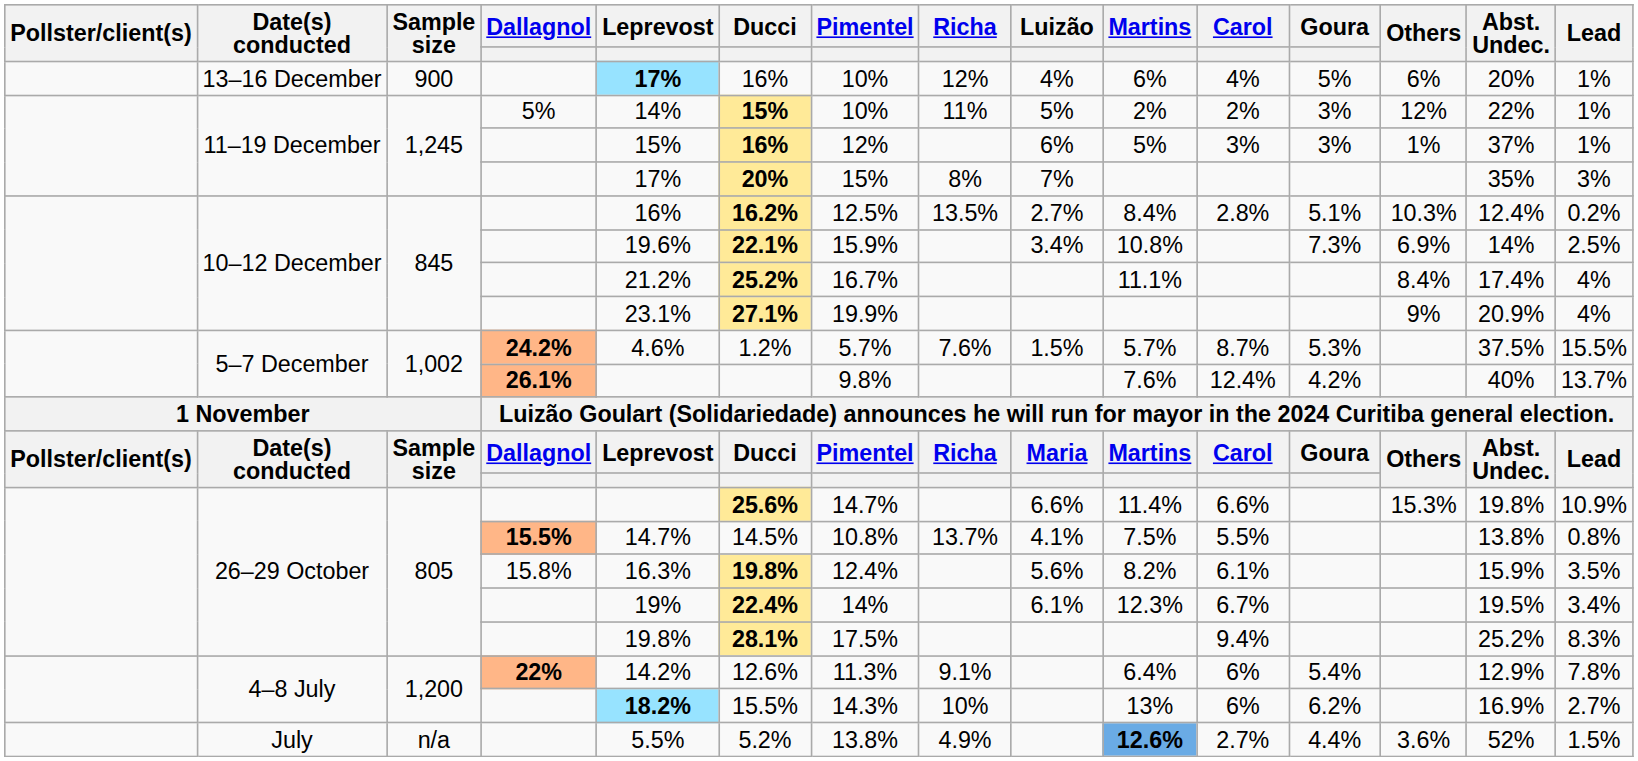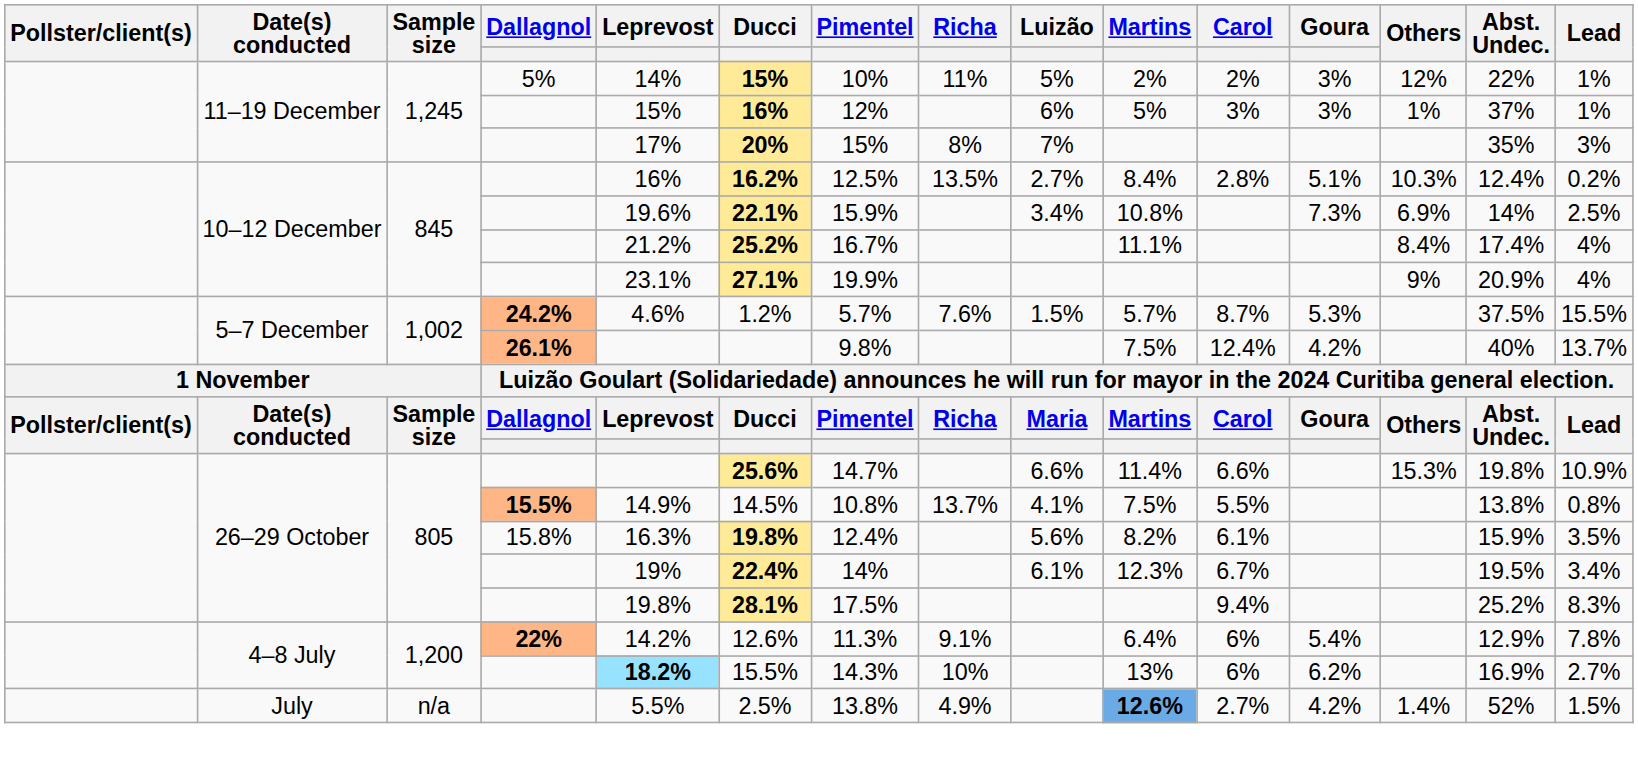 <table class="wikitable" style="text-align:center;font-size:90%;line-height:14px;">
 <tr>
 <th rowspan="2">Pollster/client(s)</th>
 <th rowspan="2">Date(s)<br>conducted</th>
 <th rowspan="2">Sample<br>size</th>
 <th class="unsortable" style="width:50px;"><a href='#'>Dallagnol</a><br></th>
 <th class="unsortable" style="width:50px;">Leprevost<br></th>
 <th class="unsortable" style="width:50px;">Ducci<br></th>
 <th class="unsortable" style="width:50px;"><a href='#'>Pimentel</a><br></th>
 <th class="unsortable" style="width:50px;"><a href='#'>Richa</a><br></th>
 <th class="unsortable" style="width:50px;">Luizão<br></th>
 <th class="unsortable" style="width:50px;"><a href='#'>Martins</a><br></th>
 <th class="unsortable" style="width:50px;"><a href='#'>Carol</a><br></th>
 <th class="unsortable" style="width:50px;">Goura<br></th>
 <th rowspan="2">Others</th>
 <th rowspan="2">Abst.<br>Undec.</th>
 <th rowspan="2">Lead</th>
 </tr>
 <tr>
 <th data-sort-type="number" class="sortable" style="background:"></th>
 <th data-sort-type="number" class="sortable" style="background:"></th>
 <th data-sort-type="number" class="sortable" style="background:"></th>
 <th data-sort-type="number" class="sortable" style="background:"></th>
 <th data-sort-type="number" class="sortable" style="background:"></th>
 <th data-sort-type="number" class="sortable" style="background:"></th>
 <th data-sort-type="number" class="sortable" style="background:"></th>
 <th data-sort-type="number" class="sortable" style="background:"></th>
 <th data-sort-type="number" class="sortable" style="background:"></th>
-</tr>
-<tr>
-<td></td>
-<td>13–16 December</td>
-<td>900</td>
-<td></td>
-<td style="background:#97e3ff;"><strong>17%</strong></td>
-<td>16%</td>
-<td>10%</td>
-<td>12%</td>
-<td>4%</td>
-<td>6%</td>
-<td>4%</td>
-<td>5%</td>
-<td>6%</td>
-<td>20%</td>
-<td style="background:">1%</td>
 </tr>
 <tr>
 <td rowspan="3"></td>
 <td rowspan="3">11–19 December</td>
 <td rowspan="3">1,245</td>
 <td>5%</td>
 <td>14%</td>
 <td style="background:#ffea98;"><strong>15%</strong></td>
 <td>10%</td>
 <td>11%</td>
 <td>5%</td>
 <td>2%</td>
 <td>2%</td>
 <td>3%</td>
 <td>12%</td>
 <td>22%</td>
 <td style="background:">1%</td>
 </tr>
 <tr>
 <td></td>
 <td>15%</td>
 <td style="background:#ffea98;"><strong>16%</strong></td>
 <td>12%</td>
 <td></td>
 <td>6%</td>
 <td>5%</td>
 <td>3%</td>
 <td>3%</td>
 <td>1%</td>
 <td>37%</td>
 <td style="background:">1%</td>
 </tr>
 <tr>
 <td></td>
 <td>17%</td>
 <td style="background:#ffea98;"><strong>20%</strong></td>
 <td>15%</td>
 <td>8%</td>
 <td>7%</td>
 <td></td>
 <td></td>
 <td></td>
 <td></td>
 <td>35%</td>
 <td style="background:">3%</td>
 </tr>
 <tr>
 <td rowspan="4"></td>
 <td rowspan="4">10–12 December</td>
 <td rowspan="4">845</td>
 <td></td>
 <td>16%</td>
 <td style="background:#ffea98;"><strong>16.2%</strong></td>
 <td>12.5%</td>
 <td>13.5%</td>
 <td>2.7%</td>
 <td>8.4%</td>
 <td>2.8%</td>
 <td>5.1%</td>
 <td>10.3%</td>
 <td>12.4%</td>
 <td style="background:">0.2%</td>
 </tr>
 <tr>
 <td></td>
 <td>19.6%</td>
 <td style="background:#ffea98;"><strong>22.1%</strong></td>
 <td>15.9%</td>
 <td></td>
 <td>3.4%</td>
 <td>10.8%</td>
 <td></td>
 <td>7.3%</td>
 <td>6.9%</td>
 <td>14%</td>
 <td style="background:">2.5%</td>
 </tr>
 <tr>
 <td></td>
 <td>21.2%</td>
 <td style="background:#ffea98;"><strong>25.2%</strong></td>
 <td>16.7%</td>
 <td></td>
 <td></td>
 <td>11.1%</td>
 <td></td>
 <td></td>
 <td>8.4%</td>
 <td>17.4%</td>
 <td style="background:">4%</td>
 </tr>
 <tr>
 <td></td>
 <td>23.1%</td>
 <td style="background:#ffea98;"><strong>27.1%</strong></td>
 <td>19.9%</td>
 <td></td>
 <td></td>
 <td></td>
 <td></td>
 <td></td>
 <td>9%</td>
 <td>20.9%</td>
 <td style="background:">4%</td>
 </tr>
 <tr>
 <td rowspan="2"></td>
 <td rowspan="2">5–7 December</td>
 <td rowspan="2">1,002</td>
 <td style="background:#ffb687;"><strong>24.2%</strong></td>
 <td>4.6%</td>
 <td>1.2%</td>
 <td>5.7%</td>
 <td>7.6%</td>
 <td>1.5%</td>
 <td>5.7%</td>
 <td>8.7%</td>
 <td>5.3%</td>
 <td></td>
 <td>37.5%</td>
 <td style="background:">15.5%</td>
 </tr>
 <tr>
 <td style="background:#ffb687;"><strong>26.1%</strong></td>
 <td></td>
 <td></td>
 <td>9.8%</td>
 <td></td>
 <td></td>
-<td>7.6%</td>
+<td>7.5%</td>
 <td>12.4%</td>
 <td>4.2%</td>
 <td></td>
 <td>40%</td>
 <td style="background:">13.7%</td>
 </tr>
 <tr>
 <th colspan="3">1 November</th>
 <th colspan="12">Luizão Goulart (Solidariedade) announces he will run for mayor in the 2024 Curitiba general election.</th>
 </tr>
 <tr>
 <th rowspan="2">Pollster/client(s)</th>
 <th rowspan="2">Date(s)<br>conducted</th>
 <th rowspan="2">Sample<br>size</th>
 <th class="unsortable" style="width:50px;"><a href='#'>Dallagnol</a><br></th>
 <th class="unsortable" style="width:50px;">Leprevost<br></th>
 <th class="unsortable" style="width:50px;">Ducci<br></th>
 <th class="unsortable" style="width:50px;"><a href='#'>Pimentel</a><br></th>
 <th class="unsortable" style="width:50px;"><a href='#'>Richa</a><br></th>
 <th class="unsortable" style="width:50px;"><a href='#'>Maria</a><br></th>
 <th class="unsortable" style="width:50px;"><a href='#'>Martins</a><br></th>
 <th class="unsortable" style="width:50px;"><a href='#'>Carol</a><br></th>
 <th class="unsortable" style="width:50px;">Goura<br></th>
 <th rowspan="2" class="unsortable">Others</th>
 <th rowspan="2" class="unsortable">Abst.<br>Undec.</th>
 <th rowspan="2" data-sort-type="number">Lead</th>
 </tr>
 <tr>
 <th data-sort-type="number" class="sortable" style="background:"></th>
 <th data-sort-type="number" class="sortable" style="background:"></th>
 <th data-sort-type="number" class="sortable" style="background:"></th>
 <th data-sort-type="number" class="sortable" style="background:"></th>
 <th data-sort-type="number" class="sortable" style="background:"></th>
 <th data-sort-type="number" class="sortable" style="background:"></th>
 <th data-sort-type="number" class="sortable" style="background:"></th>
 <th data-sort-type="number" class="sortable" style="background:"></th>
 <th data-sort-type="number" class="sortable" style="background:"></th>
 </tr>
 <tr>
 <td rowspan="5"></td>
 <td rowspan="5">26–29 October</td>
 <td rowspan="5">805</td>
 <td></td>
 <td></td>
 <td style="background:#ffea98;"><strong>25.6%</strong></td>
 <td>14.7%</td>
 <td></td>
 <td>6.6%</td>
 <td>11.4%</td>
 <td>6.6%</td>
 <td></td>
 <td>15.3%</td>
 <td>19.8%</td>
 <td style="background:">10.9%</td>
 </tr>
 <tr>
 <td style="background:#ffb687;"><strong>15.5%</strong></td>
-<td>14.7%</td>
+<td>14.9%</td>
 <td>14.5%</td>
 <td>10.8%</td>
 <td>13.7%</td>
 <td>4.1%</td>
 <td>7.5%</td>
 <td>5.5%</td>
 <td></td>
 <td></td>
 <td>13.8%</td>
 <td style="background:">0.8%</td>
 </tr>
 <tr>
 <td>15.8%</td>
 <td>16.3%</td>
 <td style="background:#ffea98;"><strong>19.8%</strong></td>
 <td>12.4%</td>
 <td></td>
 <td>5.6%</td>
 <td>8.2%</td>
 <td>6.1%</td>
 <td></td>
 <td></td>
 <td>15.9%</td>
 <td style="background:">3.5%</td>
 </tr>
 <tr>
 <td></td>
 <td>19%</td>
 <td style="background:#ffea98;"><strong>22.4%</strong></td>
 <td>14%</td>
 <td></td>
 <td>6.1%</td>
 <td>12.3%</td>
 <td>6.7%</td>
 <td></td>
 <td></td>
 <td>19.5%</td>
 <td style="background:">3.4%</td>
 </tr>
 <tr>
 <td></td>
 <td>19.8%</td>
 <td style="background:#ffea98;"><strong>28.1%</strong></td>
 <td>17.5%</td>
 <td></td>
 <td></td>
 <td></td>
 <td>9.4%</td>
 <td></td>
 <td></td>
 <td>25.2%</td>
 <td style="background:">8.3%</td>
 </tr>
 <tr>
 <td rowspan="2"></td>
 <td rowspan="2">4–8 July</td>
 <td rowspan="2">1,200</td>
 <td style="background:#ffb687;"><strong>22%</strong></td>
 <td>14.2%</td>
 <td>12.6%</td>
 <td>11.3%</td>
 <td>9.1%</td>
 <td></td>
 <td>6.4%</td>
 <td>6%</td>
 <td>5.4%</td>
 <td></td>
 <td>12.9%</td>
 <td style="background:">7.8%</td>
 </tr>
 <tr>
 <td></td>
 <td style="background:#97e3ff;"><strong>18.2%</strong></td>
 <td>15.5%</td>
 <td>14.3%</td>
 <td>10%</td>
 <td></td>
 <td>13%</td>
 <td>6%</td>
 <td>6.2%</td>
 <td></td>
 <td>16.9%</td>
 <td style="background:">2.7%</td>
 </tr>
 <tr>
 <td rowspan="2"></td>
 <td rowspan="2">July</td>
 <td rowspan="2">n/a</td>
 <td></td>
 <td>5.5%</td>
-<td>5.2%</td>
+<td>2.5%</td>
 <td>13.8%</td>
 <td>4.9%</td>
 <td></td>
 <td style="background:#6aabe5;"><strong>12.6%</strong></td>
 <td>2.7%</td>
-<td>4.4%</td>
-<td>3.6%</td>
+<td>4.2%</td>
+<td>1.4%</td>
 <td>52%</td>
 <td style="background:">1.5%</td>
 </tr>
 </table>
